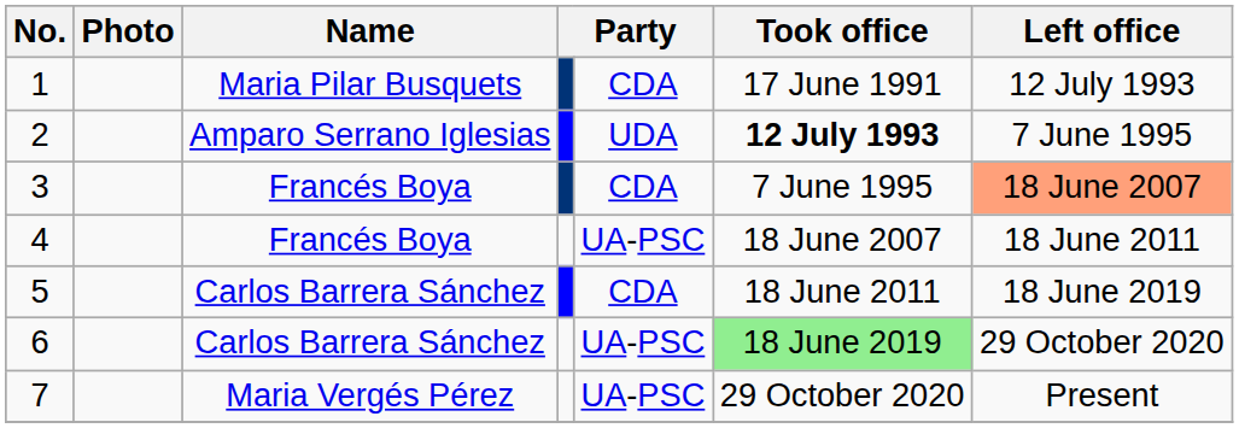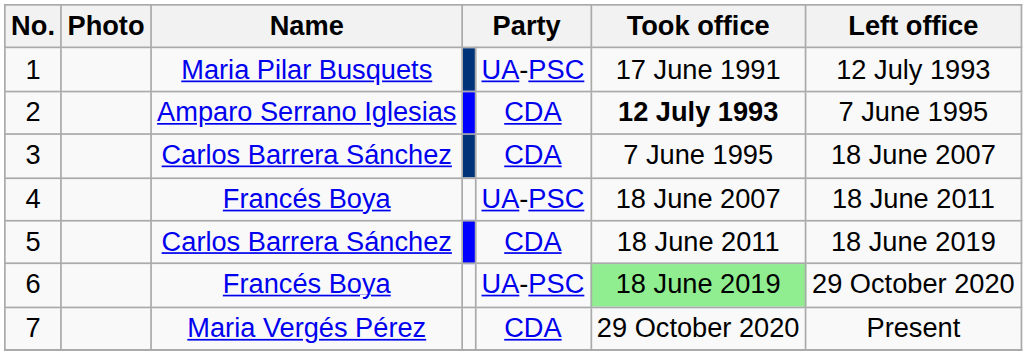 <table class="wikitable" style="text-align:center">
 <tr>
 <th>No.</th>
 <th>Photo</th>
 <th>Name</th>
 <th colspan="2">Party</th>
 <th>Took office</th>
 <th>Left office</th>
 </tr>
 <tr>
 <td>1</td>
 <td></td>
 <td><a href='#'>Maria Pilar Busquets</a></td>
 <td style="background:#003377;"></td>
-<td><a href='#'>CDA</a></td>
+<td><a href='#'>UA</a>-<a href='#'>PSC</a></td>
 <td>17 June 1991</td>
 <td>12 July 1993</td>
 </tr>
 <tr>
 <td>2</td>
 <td></td>
 <td><a href='#'>Amparo Serrano Iglesias</a></td>
 <td style="background:#0000FF;"></td>
-<td><a href='#'>UDA</a></td>
+<td><a href='#'>CDA</a></td>
 <td><strong>12 July 1993</strong></td>
 <td>7 June 1995</td>
 </tr>
 <tr>
 <td>3</td>
 <td></td>
-<td><a href='#'>Francés Boya</a></td>
+<td><a href='#'>Carlos Barrera Sánchez</a></td>
 <td style="background:#003377;"></td>
 <td><a href='#'>CDA</a></td>
 <td>7 June 1995</td>
-<td style="background: lightsalmon;">18 June 2007</td>
+<td>18 June 2007</td>
 </tr>
 <tr>
 <td>4</td>
 <td></td>
 <td><a href='#'>Francés Boya</a></td>
 <td style="background:"></td>
 <td><a href='#'>UA</a>-<a href='#'>PSC</a></td>
 <td>18 June 2007</td>
 <td>18 June 2011</td>
 </tr>
 <tr>
 <td>5</td>
 <td></td>
 <td><a href='#'>Carlos Barrera Sánchez</a></td>
 <td style="background:#0000FF;"></td>
 <td><a href='#'>CDA</a></td>
 <td>18 June 2011</td>
 <td>18 June 2019</td>
 </tr>
 <tr>
 <td>6</td>
 <td></td>
-<td><a href='#'>Carlos Barrera Sánchez</a></td>
+<td><a href='#'>Francés Boya</a></td>
 <td style="background:"></td>
 <td><a href='#'>UA</a>-<a href='#'>PSC</a></td>
 <td style="background: lightgreen;">18 June 2019</td>
 <td>29 October 2020</td>
 </tr>
 <tr>
 <td>7</td>
 <td></td>
 <td><a href='#'>Maria Vergés Pérez</a></td>
 <td style="background:"></td>
-<td><a href='#'>UA</a>-<a href='#'>PSC</a></td>
+<td><a href='#'>CDA</a></td>
 <td>29 October 2020</td>
 <td>Present</td>
 </tr>
 <tr>
 </tr>
 </table>
